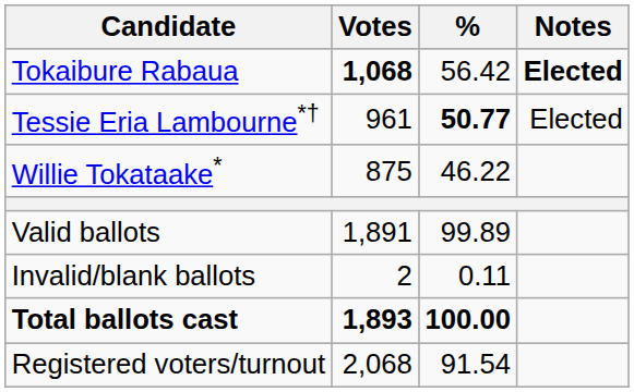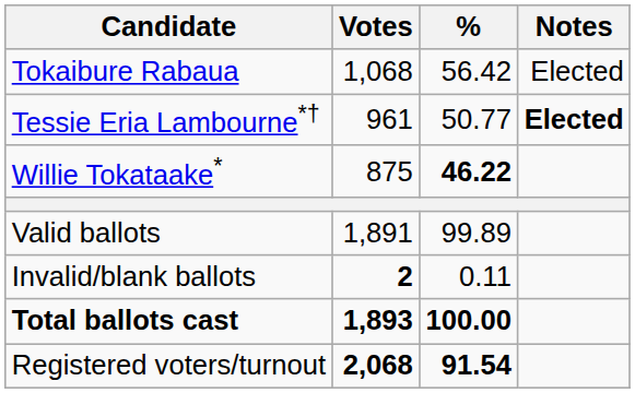 <table class=wikitable style=text-align:right>
 <tr>
 <th>Candidate</th>
 <th>Votes</th>
 <th>%</th>
 <th>Notes</th>
 </tr>
 <tr>
 <td align=left><a href='#'>Tokaibure Rabaua</a></td>
-<td><strong>1,068</strong></td>
+<td>1,068</td>
 <td>56.42</td>
-<td><strong>Elected</strong></td>
+<td>Elected</td>
 </tr>
 <tr>
 <td align=left><a href='#'>Tessie Eria Lambourne</a><sup>*†</sup></td>
 <td>961</td>
-<td><strong>50.77</strong></td>
-<td>Elected</td>
+<td>50.77</td>
+<td><strong>Elected</strong></td>
 </tr>
 <tr>
 <td align=left><a href='#'>Willie Tokataake</a><sup>*</sup></td>
 <td>875</td>
-<td>46.22</td>
+<td><strong>46.22</strong></td>
 <td></td>
 </tr>
 <tr>
 <th colspan=6></th>
 </tr>
 <tr>
 <td align=left>Valid ballots</td>
 <td>1,891</td>
 <td>99.89</td>
 <td></td>
 </tr>
 <tr>
 <td align=left>Invalid/blank ballots</td>
-<td>2</td>
+<td><strong>2</strong></td>
 <td>0.11</td>
 <td></td>
 </tr>
 <tr style="font-weight:bold">
 <td align=left>Total ballots cast</td>
 <td>1,893</td>
 <td>100.00</td>
 <td></td>
 </tr>
 <tr>
 <td align=left>Registered voters/turnout</td>
-<td>2,068</td>
-<td>91.54</td>
+<td><strong>2,068</strong></td>
+<td><strong>91.54</strong></td>
 <td></td>
 </tr>
 </table>
